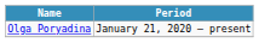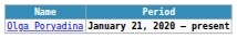 <table class="wikitable">
 <tr>
 <th style="color:#FFFFFF; background:#348eb9;">Name</th>
 <th style="color:#FFFFFF; background:#348eb9;">Period</th>
 </tr>
 <tr>
 <td> <a href='#'>Olga Poryadina</a></td>
-<td>January 21, 2020 – present</td>
+<td><strong>January 21, 2020 – present</strong></td>
 </tr>
 <tr>
 </tr>
 </table>
